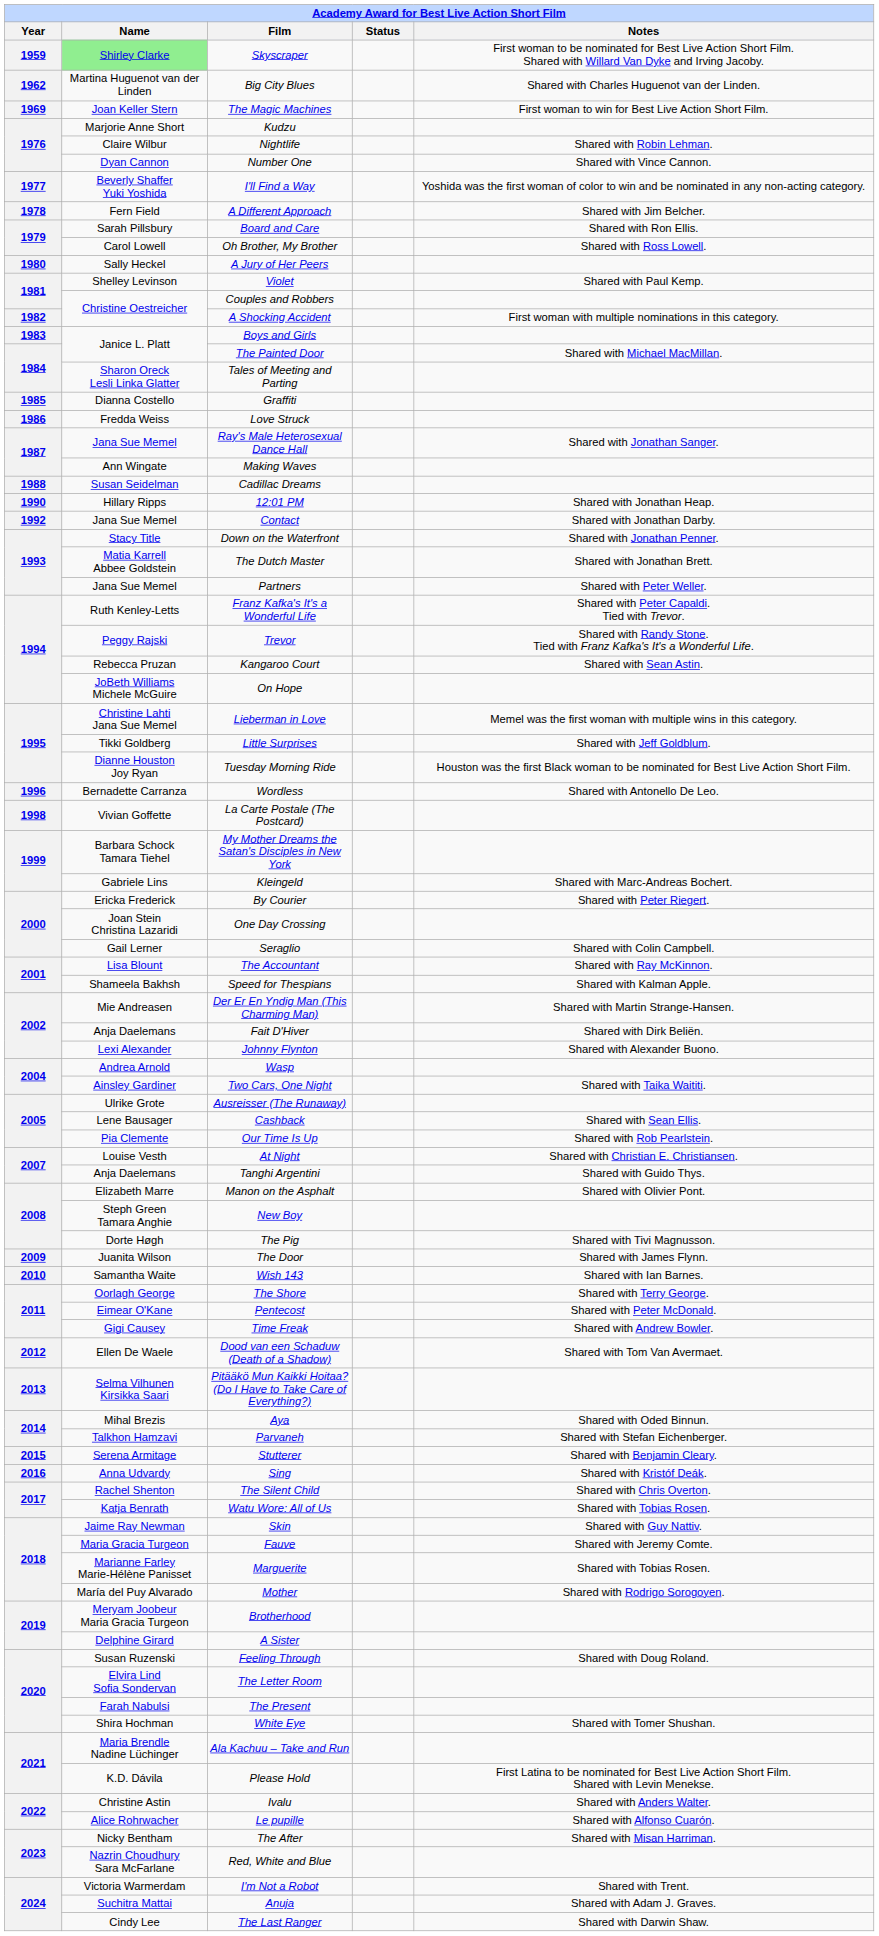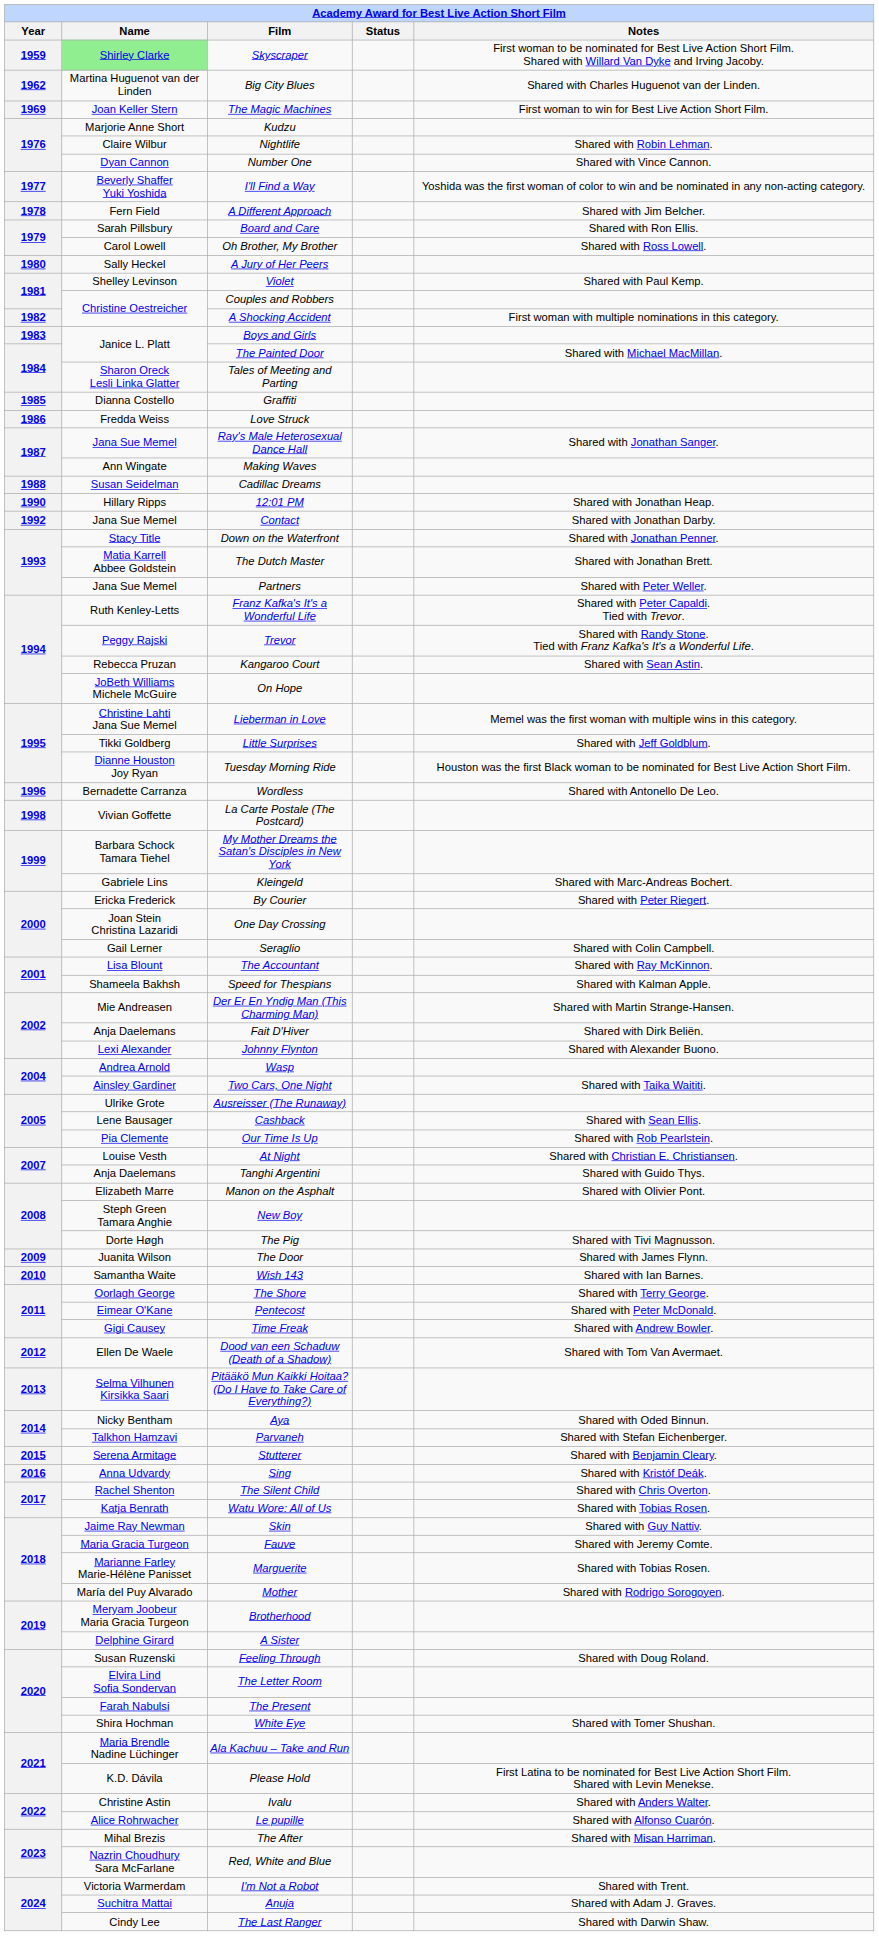 <table class="wikitable" style="text-align: center">
 <tr ---- bgcolor="#bfd7ff">
 <td colspan=5 align=center><strong><a href='#'>Academy Award for Best Live Action Short Film</a></strong></td>
 </tr>
 <tr ---- bgcolor="#ebf5ff">
 <th width="075">Year</th>
 <th width="200">Name</th>
 <th width="200">Film</th>
 <th width="080">Status</th>
 <th width="650">Notes</th>
 </tr>
 <tr>
 <th><a href='#'>1959</a></th>
 <td style="background: lightgreen;"><a href='#'>Shirley Clarke</a></td>
 <td><em><a href='#'>Skyscraper</a></em></td>
 <td></td>
 <td>First woman to be nominated for Best Live Action Short Film.<br>Shared with <a href='#'>Willard Van Dyke</a> and Irving Jacoby.</td>
 </tr>
 <tr>
 <th><a href='#'>1962</a></th>
 <td>Martina Huguenot van der Linden</td>
 <td><em>Big City Blues</em></td>
 <td></td>
 <td>Shared with Charles Huguenot van der Linden.</td>
 </tr>
 <tr>
 <th><a href='#'>1969</a></th>
 <td><a href='#'>Joan Keller Stern</a></td>
 <td><em><a href='#'>The Magic Machines</a></em></td>
 <td></td>
 <td>First woman to win for Best Live Action Short Film.</td>
 </tr>
 <tr>
 <th rowspan="3"><a href='#'>1976</a><br></th>
 <td>Marjorie Anne Short</td>
 <td><em>Kudzu</em></td>
 <td></td>
 <td></td>
 </tr>
 <tr>
 <td>Claire Wilbur</td>
 <td><em>Nightlife</em></td>
 <td></td>
 <td>Shared with <a href='#'>Robin Lehman</a>.</td>
 </tr>
 <tr>
 <td><a href='#'>Dyan Cannon</a></td>
 <td><em>Number One</em></td>
 <td></td>
 <td>Shared with Vince Cannon.</td>
 </tr>
 <tr>
 <th><a href='#'>1977</a></th>
 <td><a href='#'>Beverly Shaffer</a><br><a href='#'>Yuki Yoshida</a></td>
 <td><em><a href='#'>I'll Find a Way</a></em></td>
 <td></td>
 <td>Yoshida was the first woman of color to win and be nominated in any non-acting category.</td>
 </tr>
 <tr>
 <th><a href='#'>1978</a></th>
 <td>Fern Field</td>
 <td><em><a href='#'>A Different Approach</a></em></td>
 <td></td>
 <td>Shared with Jim Belcher.</td>
 </tr>
 <tr>
 <th rowspan="2"><a href='#'>1979</a></th>
 <td>Sarah Pillsbury</td>
 <td><em><a href='#'>Board and Care</a></em></td>
 <td></td>
 <td>Shared with Ron Ellis.</td>
 </tr>
 <tr>
 <td>Carol Lowell</td>
 <td><em>Oh Brother, My Brother</em></td>
 <td></td>
 <td>Shared with <a href='#'>Ross Lowell</a>.</td>
 </tr>
 <tr>
 <th><a href='#'>1980</a></th>
 <td>Sally Heckel</td>
 <td><em><a href='#'>A Jury of Her Peers</a></em></td>
 <td></td>
 <td></td>
 </tr>
 <tr>
 <th rowspan="2"><a href='#'>1981</a></th>
 <td>Shelley Levinson</td>
 <td><em><a href='#'>Violet</a></em></td>
 <td></td>
 <td>Shared with Paul Kemp.</td>
 </tr>
 <tr>
 <td rowspan=2><a href='#'>Christine Oestreicher</a></td>
 <td><em>Couples and Robbers</em></td>
 <td></td>
 <td></td>
 </tr>
 <tr>
 <th><a href='#'>1982</a></th>
 <td><em><a href='#'>A Shocking Accident</a></em></td>
 <td></td>
 <td>First woman with multiple nominations in this category.</td>
 </tr>
 <tr>
 <th><a href='#'>1983</a></th>
 <td rowspan="2">Janice L. Platt</td>
 <td><em><a href='#'>Boys and Girls</a></em></td>
 <td></td>
 <td></td>
 </tr>
 <tr>
 <th rowspan="2"><a href='#'>1984</a></th>
 <td><em><a href='#'>The Painted Door</a></em></td>
 <td></td>
 <td>Shared with <a href='#'>Michael MacMillan</a>.</td>
 </tr>
 <tr>
 <td><a href='#'>Sharon Oreck</a><br><a href='#'>Lesli Linka Glatter</a></td>
 <td><em>Tales of Meeting and Parting</em></td>
 <td></td>
 <td></td>
 </tr>
 <tr>
 <th><a href='#'>1985</a></th>
 <td>Dianna Costello</td>
 <td><em>Graffiti</em></td>
 <td></td>
 <td></td>
 </tr>
 <tr>
 <th><a href='#'>1986</a></th>
 <td>Fredda Weiss</td>
 <td><em>Love Struck</em></td>
 <td></td>
 <td></td>
 </tr>
 <tr>
 <th rowspan="2"><a href='#'>1987</a></th>
 <td><a href='#'>Jana Sue Memel</a></td>
 <td><em><a href='#'>Ray's Male Heterosexual Dance Hall</a></em></td>
 <td></td>
 <td>Shared with <a href='#'>Jonathan Sanger</a>.</td>
 </tr>
 <tr>
 <td>Ann Wingate</td>
 <td><em>Making Waves</em></td>
 <td></td>
 <td></td>
 </tr>
 <tr>
 <th><a href='#'>1988</a></th>
 <td><a href='#'>Susan Seidelman</a></td>
 <td><em>Cadillac Dreams</em></td>
 <td></td>
 <td></td>
 </tr>
 <tr>
 <th><a href='#'>1990</a></th>
 <td>Hillary Ripps</td>
 <td><em><a href='#'>12:01 PM</a></em></td>
 <td></td>
 <td>Shared with Jonathan Heap.</td>
 </tr>
 <tr>
 <th><a href='#'>1992</a></th>
 <td>Jana Sue Memel</td>
 <td><em><a href='#'>Contact</a></em></td>
 <td></td>
 <td>Shared with Jonathan Darby.</td>
 </tr>
 <tr>
 <th rowspan="3"><a href='#'>1993</a></th>
 <td><a href='#'>Stacy Title</a></td>
 <td><em>Down on the Waterfront</em></td>
 <td></td>
 <td>Shared with <a href='#'>Jonathan Penner</a>.</td>
 </tr>
 <tr>
 <td><a href='#'>Matia Karrell</a><br>Abbee Goldstein</td>
 <td><em>The Dutch Master</em></td>
 <td></td>
 <td>Shared with Jonathan Brett.</td>
 </tr>
 <tr>
 <td>Jana Sue Memel</td>
 <td><em>Partners</em></td>
 <td></td>
 <td>Shared with <a href='#'>Peter Weller</a>.</td>
 </tr>
 <tr>
 <th rowspan="4"><a href='#'>1994</a><br></th>
 <td>Ruth Kenley-Letts</td>
 <td><em><a href='#'>Franz Kafka's It's a Wonderful Life</a></em></td>
 <td></td>
 <td>Shared with <a href='#'>Peter Capaldi</a>.<br>Tied with <em>Trevor</em>.</td>
 </tr>
 <tr>
 <td><a href='#'>Peggy Rajski</a></td>
 <td><em><a href='#'>Trevor</a></em></td>
 <td></td>
 <td>Shared with <a href='#'>Randy Stone</a>.<br>Tied with <em>Franz Kafka's It's a Wonderful Life</em>.</td>
 </tr>
 <tr>
 <td>Rebecca Pruzan</td>
 <td><em>Kangaroo Court</em></td>
 <td></td>
 <td>Shared with <a href='#'>Sean Astin</a>.</td>
 </tr>
 <tr>
 <td><a href='#'>JoBeth Williams</a><br>Michele McGuire</td>
 <td><em>On Hope</em></td>
 <td></td>
 <td></td>
 </tr>
 <tr>
 <th rowspan="3"><a href='#'>1995</a></th>
 <td><a href='#'>Christine Lahti</a><br>Jana Sue Memel</td>
 <td><em><a href='#'>Lieberman in Love</a></em></td>
 <td></td>
 <td>Memel was the first woman with multiple wins in this category.</td>
 </tr>
 <tr>
 <td>Tikki Goldberg</td>
 <td><em><a href='#'>Little Surprises</a></em></td>
 <td></td>
 <td>Shared with <a href='#'>Jeff Goldblum</a>.</td>
 </tr>
 <tr>
 <td><a href='#'>Dianne Houston</a><br>Joy Ryan</td>
 <td><em>Tuesday Morning Ride</em></td>
 <td></td>
 <td>Houston was the first Black woman to be nominated for Best Live Action Short Film.</td>
 </tr>
 <tr>
 <th><a href='#'>1996</a></th>
 <td>Bernadette Carranza</td>
 <td><em>Wordless</em></td>
 <td></td>
 <td>Shared with Antonello De Leo.</td>
 </tr>
 <tr>
 <th><a href='#'>1998</a></th>
 <td>Vivian Goffette</td>
 <td><em>La Carte Postale (The Postcard)</em></td>
 <td></td>
 <td></td>
 </tr>
 <tr>
 <th rowspan="2"><a href='#'>1999</a></th>
 <td>Barbara Schock<br>Tamara Tiehel</td>
 <td><em><a href='#'>My Mother Dreams the Satan's Disciples in New York</a></em></td>
 <td></td>
 <td></td>
 </tr>
 <tr>
 <td>Gabriele Lins</td>
 <td><em>Kleingeld</em></td>
 <td></td>
 <td>Shared with Marc-Andreas Bochert.</td>
 </tr>
 <tr>
 <th rowspan="3"><a href='#'>2000</a></th>
 <td>Ericka Frederick</td>
 <td><em>By Courier</em></td>
 <td></td>
 <td>Shared with <a href='#'>Peter Riegert</a>.</td>
 </tr>
 <tr>
 <td>Joan Stein<br>Christina Lazaridi</td>
 <td><em>One Day Crossing</em></td>
 <td></td>
 <td></td>
 </tr>
 <tr>
 <td>Gail Lerner</td>
 <td><em>Seraglio</em></td>
 <td></td>
 <td>Shared with Colin Campbell.</td>
 </tr>
 <tr>
 <th rowspan="2"><a href='#'>2001</a></th>
 <td><a href='#'>Lisa Blount</a></td>
 <td><em><a href='#'>The Accountant</a></em></td>
 <td></td>
 <td>Shared with <a href='#'>Ray McKinnon</a>.</td>
 </tr>
 <tr>
 <td>Shameela Bakhsh</td>
 <td><em>Speed for Thespians</em></td>
 <td></td>
 <td>Shared with Kalman Apple.</td>
 </tr>
 <tr>
 <th rowspan="3"><a href='#'>2002</a></th>
 <td>Mie Andreasen</td>
 <td><em><a href='#'>Der Er En Yndig Man (This Charming Man)</a></em></td>
 <td></td>
 <td>Shared with Martin Strange-Hansen.</td>
 </tr>
 <tr>
 <td>Anja Daelemans</td>
 <td><em>Fait D'Hiver</em></td>
 <td></td>
 <td>Shared with Dirk Beliën.</td>
 </tr>
 <tr>
 <td><a href='#'>Lexi Alexander</a></td>
 <td><em><a href='#'>Johnny Flynton</a></em></td>
 <td></td>
 <td>Shared with Alexander Buono.</td>
 </tr>
 <tr>
 <th rowspan="2"><a href='#'>2004</a></th>
 <td><a href='#'>Andrea Arnold</a></td>
 <td><em><a href='#'>Wasp</a></em></td>
 <td></td>
 <td></td>
 </tr>
 <tr>
 <td><a href='#'>Ainsley Gardiner</a></td>
 <td><em><a href='#'>Two Cars, One Night</a></em></td>
 <td></td>
 <td>Shared with <a href='#'>Taika Waititi</a>.</td>
 </tr>
 <tr>
 <th rowspan="3"><a href='#'>2005</a></th>
 <td>Ulrike Grote</td>
 <td><em><a href='#'>Ausreisser (The Runaway)</a></em></td>
 <td></td>
 <td></td>
 </tr>
 <tr>
 <td>Lene Bausager</td>
 <td><em><a href='#'>Cashback</a></em></td>
 <td></td>
 <td>Shared with <a href='#'>Sean Ellis</a>.</td>
 </tr>
 <tr>
 <td><a href='#'>Pia Clemente</a></td>
 <td><em><a href='#'>Our Time Is Up</a></em></td>
 <td></td>
 <td>Shared with <a href='#'>Rob Pearlstein</a>.</td>
 </tr>
 <tr>
 <th rowspan="2"><a href='#'>2007</a></th>
 <td>Louise Vesth</td>
 <td><em><a href='#'>At Night</a></em></td>
 <td></td>
 <td>Shared with <a href='#'>Christian E. Christiansen</a>.</td>
 </tr>
 <tr>
 <td>Anja Daelemans</td>
 <td><em>Tanghi Argentini</em></td>
 <td></td>
 <td>Shared with Guido Thys.</td>
 </tr>
 <tr>
 <th rowspan="3"><a href='#'>2008</a></th>
 <td>Elizabeth Marre</td>
 <td><em>Manon on the Asphalt</em></td>
 <td></td>
 <td>Shared with Olivier Pont.</td>
 </tr>
 <tr>
 <td>Steph Green<br>Tamara Anghie</td>
 <td><em><a href='#'>New Boy</a></em></td>
 <td></td>
 <td></td>
 </tr>
 <tr>
 <td>Dorte Høgh</td>
 <td><em>The Pig</em></td>
 <td></td>
 <td>Shared with Tivi Magnusson.</td>
 </tr>
 <tr>
 <th><a href='#'>2009</a></th>
 <td>Juanita Wilson</td>
 <td><em>The Door</em></td>
 <td></td>
 <td>Shared with James Flynn.</td>
 </tr>
 <tr>
 <th><a href='#'>2010</a></th>
 <td>Samantha Waite</td>
 <td><em><a href='#'>Wish 143</a></em></td>
 <td></td>
 <td>Shared with Ian Barnes.</td>
 </tr>
 <tr>
 <th rowspan="3"><a href='#'>2011</a></th>
 <td><a href='#'>Oorlagh George</a></td>
 <td><em><a href='#'>The Shore</a></em></td>
 <td></td>
 <td>Shared with <a href='#'>Terry George</a>.</td>
 </tr>
 <tr>
 <td><a href='#'>Eimear O'Kane</a></td>
 <td><em><a href='#'>Pentecost</a></em></td>
 <td></td>
 <td>Shared with <a href='#'>Peter McDonald</a>.</td>
 </tr>
 <tr>
 <td><a href='#'>Gigi Causey</a></td>
 <td><em><a href='#'>Time Freak</a></em></td>
 <td></td>
 <td>Shared with <a href='#'>Andrew Bowler</a>.</td>
 </tr>
 <tr>
 <th><a href='#'>2012</a></th>
 <td>Ellen De Waele</td>
 <td><em><a href='#'>Dood van een Schaduw (Death of a Shadow)</a></em></td>
 <td></td>
 <td>Shared with Tom Van Avermaet.</td>
 </tr>
 <tr>
 <th><a href='#'>2013</a></th>
 <td><a href='#'>Selma Vilhunen</a><br><a href='#'>Kirsikka Saari</a></td>
 <td><em><a href='#'>Pitääkö Mun Kaikki Hoitaa? (Do I Have to Take Care of Everything?)</a></em></td>
 <td></td>
 <td></td>
 </tr>
 <tr>
 <th rowspan="2"><a href='#'>2014</a></th>
-<td>Mihal Brezis</td>
+<td>Nicky Bentham</td>
 <td><em><a href='#'>Aya</a></em></td>
 <td></td>
 <td>Shared with Oded Binnun.</td>
 </tr>
 <tr>
 <td><a href='#'>Talkhon Hamzavi</a></td>
 <td><em><a href='#'>Parvaneh</a></em></td>
 <td></td>
 <td>Shared with Stefan Eichenberger.</td>
 </tr>
 <tr>
 <th><a href='#'>2015</a></th>
 <td><a href='#'>Serena Armitage</a></td>
 <td><em><a href='#'>Stutterer</a></em></td>
 <td></td>
 <td>Shared with <a href='#'>Benjamin Cleary</a>.</td>
 </tr>
 <tr>
 <th><a href='#'>2016</a></th>
 <td><a href='#'>Anna Udvardy</a></td>
 <td><em><a href='#'>Sing</a></em></td>
 <td></td>
 <td>Shared with <a href='#'>Kristóf Deák</a>.</td>
 </tr>
 <tr>
 <th rowspan="2"><a href='#'>2017</a></th>
 <td><a href='#'>Rachel Shenton</a></td>
 <td><em><a href='#'>The Silent Child</a></em></td>
 <td></td>
 <td>Shared with <a href='#'>Chris Overton</a>.</td>
 </tr>
 <tr>
 <td><a href='#'>Katja Benrath</a></td>
 <td><em><a href='#'>Watu Wore: All of Us</a></em></td>
 <td></td>
 <td>Shared with <a href='#'>Tobias Rosen</a>.</td>
 </tr>
 <tr>
 <th rowspan="4"><a href='#'>2018</a></th>
 <td><a href='#'>Jaime Ray Newman</a></td>
 <td><em><a href='#'>Skin</a></em></td>
 <td></td>
 <td>Shared with <a href='#'>Guy Nattiv</a>.</td>
 </tr>
 <tr>
 <td><a href='#'>Maria Gracia Turgeon</a></td>
 <td><em><a href='#'>Fauve</a></em></td>
 <td></td>
 <td>Shared with Jeremy Comte.</td>
 </tr>
 <tr>
 <td><a href='#'>Marianne Farley</a><br>Marie-Hélène Panisset</td>
 <td><em><a href='#'>Marguerite</a></em></td>
 <td></td>
 <td>Shared with Tobias Rosen.</td>
 </tr>
 <tr>
 <td>María del Puy Alvarado</td>
 <td><em><a href='#'>Mother</a></em></td>
 <td></td>
 <td>Shared with <a href='#'>Rodrigo Sorogoyen</a>.</td>
 </tr>
 <tr>
 <th rowspan="2"><a href='#'>2019</a></th>
 <td><a href='#'>Meryam Joobeur</a><br>Maria Gracia Turgeon</td>
 <td><em><a href='#'>Brotherhood</a></em></td>
 <td></td>
 <td></td>
 </tr>
 <tr>
 <td><a href='#'>Delphine Girard</a></td>
 <td><em><a href='#'>A Sister</a></em></td>
 <td></td>
 <td></td>
 </tr>
 <tr>
 <th rowspan="4"><a href='#'>2020</a></th>
 <td>Susan Ruzenski</td>
 <td><em><a href='#'>Feeling Through</a></em></td>
 <td></td>
 <td>Shared with Doug Roland.</td>
 </tr>
 <tr>
 <td><a href='#'>Elvira Lind</a><br><a href='#'>Sofia Sondervan</a></td>
 <td><em><a href='#'>The Letter Room</a></em></td>
 <td></td>
 <td></td>
 </tr>
 <tr>
 <td><a href='#'>Farah Nabulsi</a></td>
 <td><em><a href='#'>The Present</a></em></td>
 <td></td>
 <td></td>
 </tr>
 <tr>
 <td>Shira Hochman</td>
 <td><em><a href='#'>White Eye</a></em></td>
 <td></td>
 <td>Shared with Tomer Shushan.</td>
 </tr>
 <tr>
 <th rowspan="2"><a href='#'>2021</a></th>
 <td><a href='#'>Maria Brendle</a><br>Nadine Lüchinger</td>
 <td><em><a href='#'>Ala Kachuu – Take and Run</a></em></td>
 <td></td>
 <td></td>
 </tr>
 <tr>
 <td>K.D. Dávila</td>
 <td><em>Please Hold</em></td>
 <td></td>
 <td>First Latina to be nominated for Best Live Action Short Film.<br>Shared with Levin Menekse.</td>
 </tr>
 <tr>
 <th rowspan="2"><a href='#'>2022</a></th>
 <td>Christine Astin</td>
 <td><em>Ivalu</em></td>
 <td></td>
 <td>Shared with <a href='#'>Anders Walter</a>.</td>
 </tr>
 <tr>
 <td><a href='#'>Alice Rohrwacher</a></td>
 <td><em><a href='#'>Le pupille</a></em></td>
 <td></td>
 <td>Shared with <a href='#'>Alfonso Cuarón</a>.</td>
 </tr>
 <tr>
 <th rowspan="2"><a href='#'>2023</a></th>
-<td>Nicky Bentham</td>
+<td>Mihal Brezis</td>
 <td><em>The After</em></td>
 <td></td>
 <td>Shared with <a href='#'>Misan Harriman</a>.</td>
 </tr>
 <tr>
 <td><a href='#'>Nazrin Choudhury</a><br>Sara McFarlane</td>
 <td><em>Red, White and Blue</em></td>
 <td></td>
 <td></td>
 </tr>
 <tr>
 <th rowspan="3"><a href='#'>2024</a></th>
 <td>Victoria Warmerdam</td>
 <td><em><a href='#'>I'm Not a Robot</a></em></td>
 <td></td>
 <td>Shared with Trent.</td>
 </tr>
 <tr>
 <td><a href='#'>Suchitra Mattai</a></td>
 <td><em><a href='#'>Anuja</a></em></td>
 <td></td>
 <td>Shared with Adam J. Graves.</td>
 </tr>
 <tr>
 <td>Cindy Lee</td>
 <td><em><a href='#'>The Last Ranger</a></em></td>
 <td></td>
 <td>Shared with Darwin Shaw.</td>
 </tr>
 </table>
